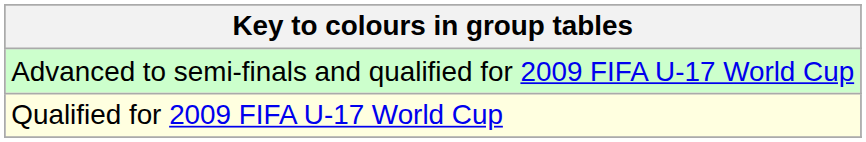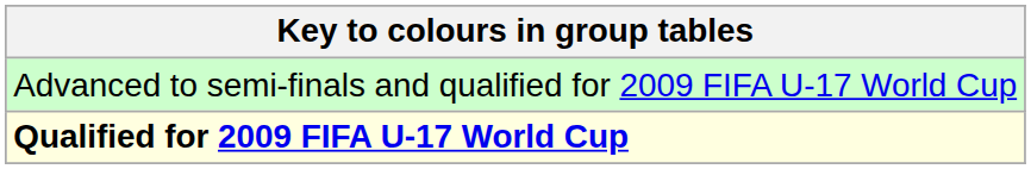 <table class="wikitable">
 <tr>
 <th>Key to colours in group tables</th>
 </tr>
 <tr>
 <td bgcolor=ccffcc>Advanced to semi-finals and qualified for <a href='#'>2009 FIFA U-17 World Cup</a></td>
 </tr>
 <tr>
-<td bgcolor="lightyellow">Qualified for <a href='#'>2009 FIFA U-17 World Cup</a></td>
+<td bgcolor="lightyellow"><strong>Qualified for <a href='#'>2009 FIFA U-17 World Cup</a></strong></td>
 </tr>
 </table>
